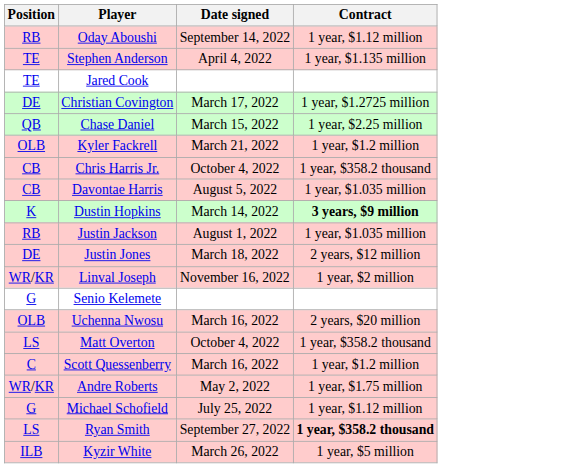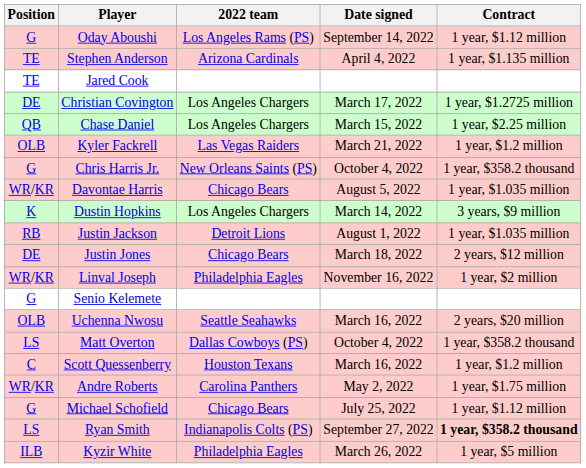 <table class="wikitable" style="text-align:center">
 <tr>
 <th>Position</th>
 <th>Player</th>
+<th>2022 team</th>
 <th>Date signed</th>
 <th>Contract</th>
 </tr>
 <tr style="background:#fcc">
-<td><a href='#'>RB</a></td>
+<td><a href='#'>G</a></td>
 <td><a href='#'>Oday Aboushi</a></td>
+<td><a href='#'>Los Angeles Rams</a> (<a href='#'>PS</a>)</td>
 <td>September 14, 2022</td>
 <td>1 year, $1.12 million</td>
 </tr>
 <tr style="background:#fcc">
 <td><a href='#'>TE</a></td>
 <td><a href='#'>Stephen Anderson</a></td>
+<td><a href='#'>Arizona Cardinals</a></td>
 <td>April 4, 2022</td>
 <td>1 year, $1.135 million</td>
 </tr>
 <tr style="background:#fff">
 <td><a href='#'>TE</a></td>
 <td><a href='#'>Jared Cook</a></td>
 <td></td>
 <td></td>
+<td></td>
 </tr>
 <tr style="background:#cfc">
 <td><a href='#'>DE</a></td>
 <td><a href='#'>Christian Covington</a></td>
+<td>Los Angeles Chargers</td>
 <td>March 17, 2022</td>
 <td>1 year, $1.2725 million</td>
 </tr>
 <tr style="background:#cfc">
 <td><a href='#'>QB</a></td>
 <td><a href='#'>Chase Daniel</a></td>
+<td>Los Angeles Chargers</td>
 <td>March 15, 2022</td>
 <td>1 year, $2.25 million</td>
 </tr>
 <tr style="background:#fcc">
 <td><a href='#'>OLB</a></td>
 <td><a href='#'>Kyler Fackrell</a></td>
+<td><a href='#'>Las Vegas Raiders</a></td>
 <td>March 21, 2022</td>
 <td>1 year, $1.2 million</td>
 </tr>
 <tr style="background:#fcc">
-<td><a href='#'>CB</a></td>
+<td><a href='#'>G</a></td>
 <td><a href='#'>Chris Harris Jr.</a></td>
+<td><a href='#'>New Orleans Saints</a> (<a href='#'>PS</a>)</td>
 <td>October 4, 2022</td>
 <td>1 year, $358.2 thousand</td>
 </tr>
 <tr style="background:#fcc">
-<td><a href='#'>CB</a></td>
+<td><a href='#'>WR</a>/<a href='#'>KR</a></td>
 <td><a href='#'>Davontae Harris</a></td>
+<td><a href='#'>Chicago Bears</a></td>
 <td>August 5, 2022</td>
 <td>1 year,  $1.035 million</td>
 </tr>
 <tr style="background:#cfc">
 <td><a href='#'>K</a></td>
 <td><a href='#'>Dustin Hopkins</a></td>
+<td>Los Angeles Chargers</td>
 <td>March 14, 2022</td>
-<td><strong>3 years, $9 million</strong></td>
+<td>3 years, $9 million</td>
 </tr>
 <tr style="background:#fcc">
 <td><a href='#'>RB</a></td>
 <td><a href='#'>Justin Jackson</a></td>
+<td><a href='#'>Detroit Lions</a></td>
 <td>August 1, 2022</td>
 <td>1 year,  $1.035 million</td>
 </tr>
 <tr style="background:#fcc">
 <td><a href='#'>DE</a></td>
 <td><a href='#'>Justin Jones</a></td>
+<td><a href='#'>Chicago Bears</a></td>
 <td>March 18, 2022</td>
 <td>2 years, $12 million</td>
 </tr>
 <tr style="background:#fcc">
 <td><a href='#'>WR</a>/<a href='#'>KR</a></td>
 <td><a href='#'>Linval Joseph</a></td>
+<td><a href='#'>Philadelphia Eagles</a></td>
 <td>November 16, 2022</td>
 <td>1 year, $2 million</td>
 </tr>
 <tr style="background:#fff">
 <td><a href='#'>G</a></td>
 <td><a href='#'>Senio Kelemete</a></td>
 <td></td>
 <td></td>
+<td></td>
 </tr>
 <tr style="background:#fcc">
 <td><a href='#'>OLB</a></td>
 <td><a href='#'>Uchenna Nwosu</a></td>
+<td><a href='#'>Seattle Seahawks</a></td>
 <td>March 16, 2022</td>
 <td>2 years, $20 million</td>
 </tr>
 <tr style="background:#fcc">
 <td><a href='#'>LS</a></td>
 <td><a href='#'>Matt Overton</a></td>
+<td><a href='#'>Dallas Cowboys</a> (<a href='#'>PS</a>)</td>
 <td>October 4, 2022</td>
 <td>1 year, $358.2 thousand</td>
 </tr>
 <tr style="background:#fcc">
 <td><a href='#'>C</a></td>
 <td><a href='#'>Scott Quessenberry</a></td>
+<td><a href='#'>Houston Texans</a></td>
 <td>March 16, 2022</td>
 <td>1 year, $1.2 million</td>
 </tr>
 <tr style="background:#fcc">
 <td><a href='#'>WR</a>/<a href='#'>KR</a></td>
 <td><a href='#'>Andre Roberts</a></td>
+<td><a href='#'>Carolina Panthers</a></td>
 <td>May 2, 2022</td>
 <td>1 year, $1.75 million</td>
 </tr>
 <tr style="background:#fcc">
 <td><a href='#'>G</a></td>
 <td><a href='#'>Michael Schofield</a></td>
+<td><a href='#'>Chicago Bears</a></td>
 <td>July 25, 2022</td>
 <td>1 year, $1.12 million</td>
 </tr>
 <tr style="background:#fcc">
 <td><a href='#'>LS</a></td>
 <td><a href='#'>Ryan Smith</a></td>
+<td><a href='#'>Indianapolis Colts</a> (<a href='#'>PS</a>)</td>
 <td>September 27, 2022</td>
 <td><strong>1 year, $358.2 thousand</strong></td>
 </tr>
 <tr style="background:#fcc">
 <td><a href='#'>ILB</a></td>
 <td><a href='#'>Kyzir White</a></td>
+<td><a href='#'>Philadelphia Eagles</a></td>
 <td>March 26, 2022</td>
 <td>1 year, $5 million</td>
 </tr>
 </table>
